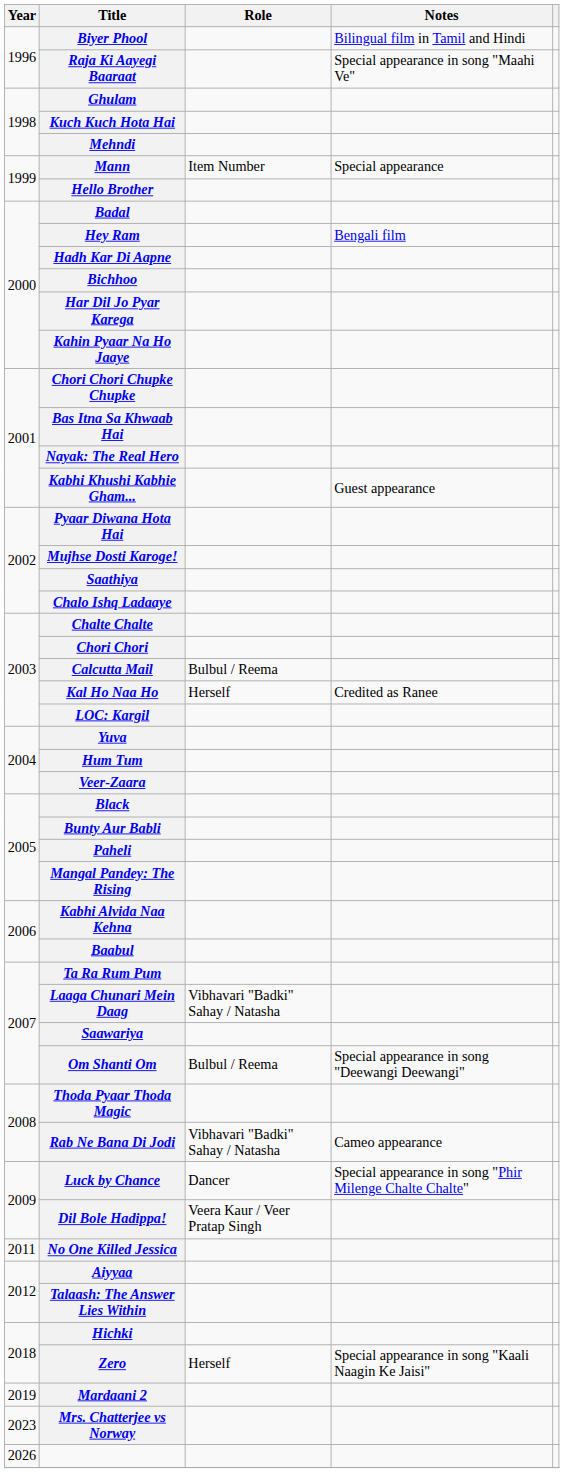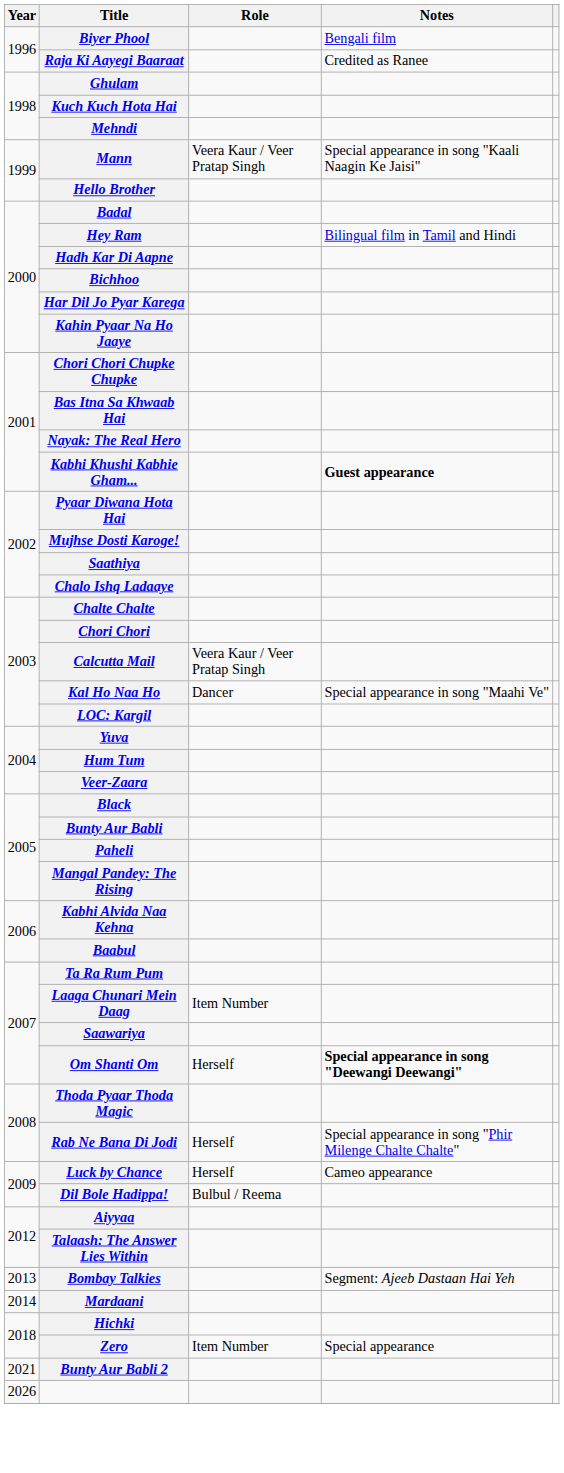 <table class="wikitable plainrowheaders sortable" style="margin-right: 0;">
 <tr>
 <th scope="col">Year</th>
 <th scope="col">Title</th>
 <th scope="col">Role</th>
 <th scope="col" class="unsortable">Notes</th>
 <th scope="col" class="unsortable"></th>
 </tr>
 <tr>
 <td rowspan="2">1996</td>
 <th scope="row"><em><a href='#'>Biyer Phool</a></em></th>
 <td></td>
-<td><a href='#'>Bilingual film</a> in <a href='#'>Tamil</a> and Hindi</td>
+<td><a href='#'>Bengali film</a></td>
 <td style="text-align: center;"></td>
 </tr>
 <tr>
 <th scope="row"><em><a href='#'>Raja Ki Aayegi Baaraat</a></em></th>
 <td></td>
-<td>Special appearance in song "Maahi Ve"</td>
+<td>Credited as Ranee</td>
 <td style="text-align: center;"></td>
 </tr>
 <tr>
 <td rowspan="3">1998</td>
 <th scope="row"><em><a href='#'>Ghulam</a></em></th>
 <td></td>
 <td></td>
 <td style="text-align: center;"></td>
 </tr>
 <tr>
 <th scope="row"><em><a href='#'>Kuch Kuch Hota Hai</a></em></th>
 <td></td>
 <td></td>
 <td style="text-align: center;"></td>
 </tr>
 <tr>
 <th scope="row"><em><a href='#'>Mehndi</a></em></th>
 <td></td>
 <td></td>
 <td style="text-align: center;"></td>
 </tr>
 <tr>
 <td rowspan="2">1999</td>
 <th scope="row"><em><a href='#'>Mann</a></em></th>
-<td>Item Number</td>
-<td>Special appearance</td>
+<td>Veera Kaur / Veer Pratap Singh</td>
+<td>Special appearance in song "Kaali Naagin Ke Jaisi"</td>
 <td style="text-align: center;"></td>
 </tr>
 <tr>
 <th scope="row"><em><a href='#'>Hello Brother</a></em></th>
 <td></td>
 <td></td>
 <td style="text-align: center;"></td>
 </tr>
 <tr>
 <td rowspan="6">2000</td>
 <th scope="row"><em><a href='#'>Badal</a></em></th>
 <td></td>
 <td></td>
 <td style="text-align: center;"></td>
 </tr>
 <tr>
 <th scope="row"><em><a href='#'>Hey Ram</a></em></th>
 <td></td>
-<td><a href='#'>Bengali film</a></td>
+<td><a href='#'>Bilingual film</a> in <a href='#'>Tamil</a> and Hindi</td>
 <td style="text-align: center;"></td>
 </tr>
 <tr>
 <th scope="row"><em><a href='#'>Hadh Kar Di Aapne</a></em></th>
 <td></td>
 <td></td>
 <td style="text-align: center;"></td>
 </tr>
 <tr>
 <th scope="row"><em><a href='#'>Bichhoo</a></em></th>
 <td></td>
 <td></td>
 <td style="text-align: center;"></td>
 </tr>
 <tr>
 <th scope="row"><em><a href='#'>Har Dil Jo Pyar Karega</a></em></th>
 <td></td>
 <td></td>
 <td style="text-align: center;"></td>
 </tr>
 <tr>
 <th scope="row"><em><a href='#'>Kahin Pyaar Na Ho Jaaye</a></em></th>
 <td></td>
 <td></td>
 <td style="text-align: center;"></td>
 </tr>
 <tr>
 <td rowspan="4">2001</td>
 <th scope="row"><em><a href='#'>Chori Chori Chupke Chupke</a></em></th>
 <td></td>
 <td></td>
 <td style="text-align: center;"></td>
 </tr>
 <tr>
 <th scope="row"><em><a href='#'>Bas Itna Sa Khwaab Hai</a></em></th>
 <td></td>
 <td></td>
 <td style="text-align: center;"></td>
 </tr>
 <tr>
 <th scope="row"><em><a href='#'>Nayak: The Real Hero</a></em></th>
 <td></td>
 <td></td>
 <td style="text-align: center;"></td>
 </tr>
 <tr>
 <th scope="row"><em><a href='#'>Kabhi Khushi Kabhie Gham...</a></em></th>
 <td></td>
-<td>Guest appearance</td>
+<td><strong>Guest appearance</strong></td>
 <td style="text-align: center;"></td>
 </tr>
 <tr>
 <td rowspan="4">2002</td>
 <th scope="row"><em><a href='#'>Pyaar Diwana Hota Hai</a></em></th>
 <td></td>
 <td></td>
 <td style="text-align: center;"></td>
 </tr>
 <tr>
 <th scope="row"><em><a href='#'>Mujhse Dosti Karoge!</a></em></th>
 <td></td>
 <td></td>
 <td style="text-align: center;"></td>
 </tr>
 <tr>
 <th scope="row"><em><a href='#'>Saathiya</a></em></th>
 <td></td>
 <td></td>
 <td style="text-align: center;"></td>
 </tr>
 <tr>
 <th scope="row"><em><a href='#'>Chalo Ishq Ladaaye</a></em></th>
 <td></td>
 <td></td>
 <td style="text-align: center;"></td>
 </tr>
 <tr>
 <td rowspan="5">2003</td>
 <th scope="row"><em><a href='#'>Chalte Chalte</a></em></th>
 <td></td>
 <td></td>
 <td style="text-align: center;"></td>
 </tr>
 <tr>
 <th scope="row"><em><a href='#'>Chori Chori</a></em></th>
 <td></td>
 <td></td>
 <td style="text-align: center;"></td>
 </tr>
 <tr>
 <th scope="row"><em><a href='#'>Calcutta Mail</a></em></th>
-<td>Bulbul / Reema</td>
+<td>Veera Kaur / Veer Pratap Singh</td>
 <td></td>
 <td style="text-align: center;"></td>
 </tr>
 <tr>
 <th scope="row"><em><a href='#'>Kal Ho Naa Ho</a></em></th>
-<td>Herself</td>
-<td>Credited as Ranee</td>
+<td>Dancer</td>
+<td>Special appearance in song "Maahi Ve"</td>
 <td style="text-align: center;"></td>
 </tr>
 <tr>
 <th scope="row"><em><a href='#'>LOC: Kargil</a></em></th>
 <td></td>
 <td></td>
 <td style="text-align: center;"></td>
 </tr>
 <tr>
 <td rowspan="3">2004</td>
 <th scope="row"><em><a href='#'>Yuva</a></em></th>
 <td></td>
 <td></td>
 <td style="text-align: center;"></td>
 </tr>
 <tr>
 <th scope="row"><em><a href='#'>Hum Tum</a></em></th>
 <td></td>
 <td></td>
 <td style="text-align: center;"></td>
 </tr>
 <tr>
 <th scope="row"><em><a href='#'>Veer-Zaara</a></em></th>
 <td></td>
 <td></td>
 <td style="text-align: center;"></td>
 </tr>
 <tr>
 <td rowspan="4">2005</td>
 <th scope="row"><em><a href='#'>Black</a></em></th>
 <td></td>
 <td></td>
 <td style="text-align: center;"></td>
 </tr>
 <tr>
 <th scope="row"><em><a href='#'>Bunty Aur Babli</a></em></th>
 <td></td>
 <td></td>
 <td style="text-align: center;"></td>
 </tr>
 <tr>
 <th scope="row"><em><a href='#'>Paheli</a></em></th>
 <td></td>
 <td></td>
 <td style="text-align: center;"></td>
 </tr>
 <tr>
 <th scope="row"><em><a href='#'>Mangal Pandey: The Rising</a></em></th>
 <td></td>
 <td></td>
 <td style="text-align: center;"></td>
 </tr>
 <tr>
 <td rowspan="2">2006</td>
 <th scope="row"><em><a href='#'>Kabhi Alvida Naa Kehna</a></em></th>
 <td></td>
 <td></td>
 <td style="text-align: center;"></td>
 </tr>
 <tr>
 <th scope="row"><em><a href='#'>Baabul</a></em></th>
 <td></td>
 <td></td>
 <td style="text-align: center;"></td>
 </tr>
 <tr>
 <td rowspan="4">2007</td>
 <th scope="row"><em><a href='#'>Ta Ra Rum Pum</a></em></th>
 <td></td>
 <td></td>
 <td style="text-align: center;"></td>
 </tr>
 <tr>
 <th scope="row"><em><a href='#'>Laaga Chunari Mein Daag</a></em></th>
-<td>Vibhavari "Badki" Sahay / Natasha</td>
+<td>Item Number</td>
 <td></td>
 <td style="text-align: center;"></td>
 </tr>
 <tr>
 <th scope="row"><em><a href='#'>Saawariya</a></em></th>
 <td></td>
 <td></td>
 <td style="text-align: center;"></td>
 </tr>
 <tr>
 <th scope="row"><em><a href='#'>Om Shanti Om</a></em></th>
-<td>Bulbul / Reema</td>
-<td>Special appearance in song "Deewangi Deewangi"</td>
+<td>Herself</td>
+<td><strong>Special appearance in song "Deewangi Deewangi"</strong></td>
 <td style="text-align: center;"></td>
 </tr>
 <tr>
 <td rowspan="2">2008</td>
 <th scope="row"><em><a href='#'>Thoda Pyaar Thoda Magic</a></em></th>
 <td></td>
 <td></td>
 <td style="text-align: center;"></td>
 </tr>
 <tr>
 <th scope="row"><em><a href='#'>Rab Ne Bana Di Jodi</a></em></th>
-<td>Vibhavari "Badki" Sahay / Natasha</td>
-<td>Cameo appearance</td>
+<td>Herself</td>
+<td>Special appearance in song "<a href='#'>Phir Milenge Chalte Chalte</a>"</td>
 <td style="text-align: center;"></td>
 </tr>
 <tr>
 <td rowspan="2">2009</td>
 <th scope="row"><em><a href='#'>Luck by Chance</a></em></th>
-<td>Dancer</td>
-<td>Special appearance in song "<a href='#'>Phir Milenge Chalte Chalte</a>"</td>
+<td>Herself</td>
+<td>Cameo appearance</td>
 <td style="text-align: center;"></td>
 </tr>
 <tr>
 <th scope="row"><em><a href='#'>Dil Bole Hadippa!</a></em></th>
-<td>Veera Kaur / Veer Pratap Singh</td>
-<td></td>
-<td style="text-align: center;"></td>
-</tr>
-<tr>
-<td>2011</td>
-<th scope="row"><em><a href='#'>No One Killed Jessica</a></em></th>
-<td></td>
+<td>Bulbul / Reema</td>
 <td></td>
 <td style="text-align: center;"></td>
 </tr>
 <tr>
 <td rowspan="2">2012</td>
 <th scope="row"><em><a href='#'>Aiyyaa</a></em></th>
 <td></td>
 <td></td>
 <td style="text-align: center;"></td>
 </tr>
 <tr>
 <th scope="row"><em><a href='#'>Talaash: The Answer Lies Within</a></em></th>
 <td></td>
 <td></td>
 <td style="text-align: center;"></td>
 </tr>
 <tr>
+<td>2013</td>
+<th scope="row"><em><a href='#'>Bombay Talkies</a></em></th>
+<td></td>
+<td>Segment: <em>Ajeeb Dastaan Hai Yeh</em></td>
+<td style="text-align: center;"></td>
+</tr>
+<tr>
+<td>2014</td>
+<th scope="row"><em><a href='#'>Mardaani</a></em></th>
+<td></td>
+<td></td>
+<td style="text-align: center;"></td>
+</tr>
+<tr>
 <td rowspan="2">2018</td>
 <th scope="row"><em><a href='#'>Hichki</a></em></th>
 <td></td>
 <td></td>
 <td style="text-align: center;"></td>
 </tr>
 <tr>
 <th scope="row"><em><a href='#'>Zero</a></em></th>
-<td>Herself</td>
-<td>Special appearance in song "Kaali Naagin Ke Jaisi"</td>
+<td>Item Number</td>
+<td>Special appearance</td>
 <td style="text-align: center;"></td>
 </tr>
 <tr>
-<td>2019</td>
-<th scope="row"><em><a href='#'>Mardaani 2</a></em></th>
-<td></td>
-<td></td>
-<td style="text-align: center;"></td>
-</tr>
-<tr>
-<td>2023</td>
-<th scope="row"><em><a href='#'>Mrs. Chatterjee vs Norway</a></em></th>
+<td>2021</td>
+<th scope="row"><em><a href='#'>Bunty Aur Babli 2</a></em></th>
 <td></td>
 <td></td>
 <td style="text-align: center;"></td>
 </tr>
 <tr>
 <td>2026</td>
 <td></td>
 <td></td>
 <td></td>
 <td style="text-align: center;"></td>
 </tr>
 <tr>
 </tr>
 </table>
